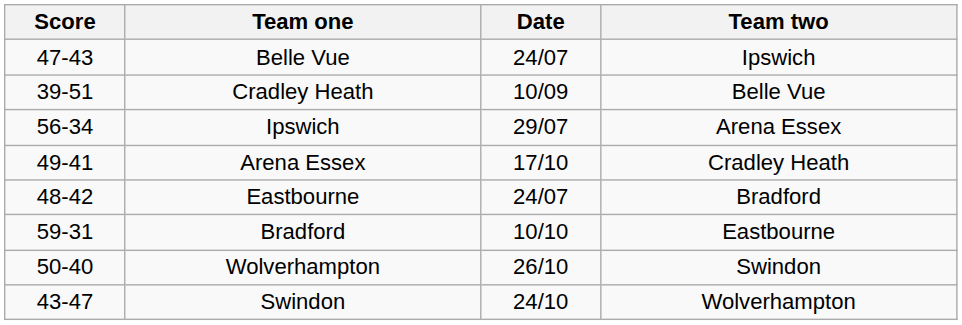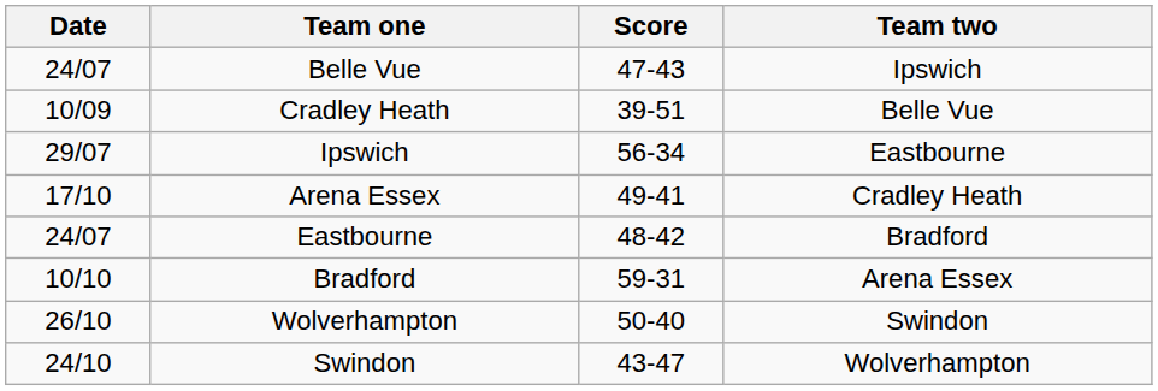 <table class="wikitable" style="text-align: center">
 <tr>
+<th width=80>Date</th>
+<th width=250>Team one</th>
 <th width=80>Score</th>
-<th width=250>Team one</th>
-<th width=80>Date</th>
 <th width=250>Team two</th>
 </tr>
 <tr>
+<td>24/07</td>
+<td>Belle Vue</td>
 <td>47-43</td>
-<td>Belle Vue</td>
-<td>24/07</td>
 <td>Ipswich</td>
 </tr>
 <tr>
+<td>10/09</td>
+<td>Cradley Heath</td>
 <td>39-51</td>
-<td>Cradley Heath</td>
-<td>10/09</td>
 <td>Belle Vue</td>
 </tr>
 <tr>
+<td>29/07</td>
+<td>Ipswich</td>
 <td>56-34</td>
-<td>Ipswich</td>
-<td>29/07</td>
+<td>Eastbourne</td>
+</tr>
+<tr>
+<td>17/10</td>
+<td>Arena Essex</td>
+<td>49-41</td>
+<td>Cradley Heath</td>
+</tr>
+<tr>
+<td>24/07</td>
+<td>Eastbourne</td>
+<td>48-42</td>
+<td>Bradford</td>
+</tr>
+<tr>
+<td>10/10</td>
+<td>Bradford</td>
+<td>59-31</td>
 <td>Arena Essex</td>
 </tr>
 <tr>
-<td>49-41</td>
-<td>Arena Essex</td>
-<td>17/10</td>
-<td>Cradley Heath</td>
-</tr>
-<tr>
-<td>48-42</td>
-<td>Eastbourne</td>
-<td>24/07</td>
-<td>Bradford</td>
-</tr>
-<tr>
-<td>59-31</td>
-<td>Bradford</td>
-<td>10/10</td>
-<td>Eastbourne</td>
-</tr>
-<tr>
+<td>26/10</td>
+<td>Wolverhampton</td>
 <td>50-40</td>
-<td>Wolverhampton</td>
-<td>26/10</td>
 <td>Swindon</td>
 </tr>
 <tr>
+<td>24/10</td>
+<td>Swindon</td>
 <td>43-47</td>
-<td>Swindon</td>
-<td>24/10</td>
 <td>Wolverhampton</td>
 </tr>
 </table>
